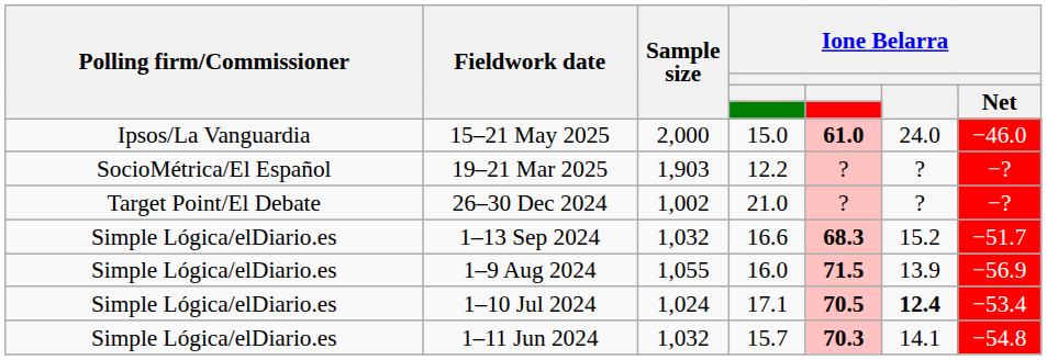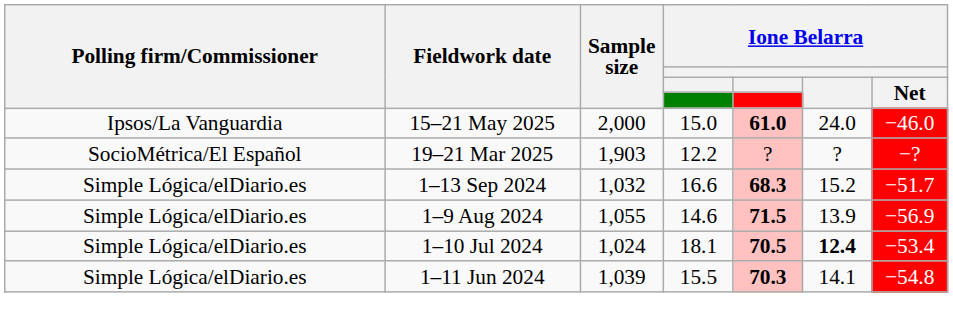 <table class="wikitable collapsible collapsed" style="text-align:center; font-size:90%; line-height:14px;">
 <tr style="height:42px;">
 <th style="width:250px;" rowspan="4">Polling firm/Commissioner</th>
 <th style="width:125px;" rowspan="4">Fieldwork date</th>
 <th style="width:50px;" rowspan="4">Sample size</th>
 <th style="width:185px;" colspan="4"><a href='#'>Ione Belarra</a><br></th>
 </tr>
 <tr>
 <th colspan="4" style="background:"></th>
 </tr>
 <tr>
 <th style="width:30px;"></th>
 <th style="width:30px;"></th>
 <th style="width:30px;" rowspan="2"></th>
 <th style="width:30px;" rowspan="2">Net</th>
 </tr>
 <tr>
 <th style="color:inherit;background:#008000;"></th>
 <th style="color:inherit;background:#FF0000;"></th>
 </tr>
 <tr>
 <td>Ipsos/La Vanguardia</td>
 <td>15–21 May 2025</td>
 <td>2,000</td>
 <td>15.0</td>
 <td style="background:#FFC2C1;"><strong>61.0</strong></td>
 <td>24.0</td>
 <td style="background:#FF0000; color:white;">−46.0</td>
 </tr>
 <tr>
 <td>SocioMétrica/El Español</td>
 <td>19–21 Mar 2025</td>
 <td>1,903</td>
 <td>12.2</td>
 <td style="background:#FFC2C1;">?</td>
 <td>?</td>
 <td style="background:#FF0000; color:white;">−?</td>
 </tr>
 <tr>
-<td>Target Point/El Debate</td>
-<td>26–30 Dec 2024</td>
-<td>1,002</td>
-<td>21.0</td>
-<td style="background:#FFC2C1;">?</td>
-<td>?</td>
-<td style="background:#FF0000; color:white;">−?</td>
-</tr>
-<tr>
 <td>Simple Lógica/elDiario.es</td>
 <td>1–13 Sep 2024</td>
 <td>1,032</td>
 <td>16.6</td>
 <td style="background:#FFC2C1;"><strong>68.3</strong></td>
 <td>15.2</td>
 <td style="background:#FF0000; color:white;">−51.7</td>
 </tr>
 <tr>
 <td>Simple Lógica/elDiario.es</td>
 <td>1–9 Aug 2024</td>
 <td>1,055</td>
-<td>16.0</td>
+<td>14.6</td>
 <td style="background:#FFC2C1;"><strong>71.5</strong></td>
 <td>13.9</td>
 <td style="background:#FF0000; color:white;">−56.9</td>
 </tr>
 <tr>
 <td>Simple Lógica/elDiario.es</td>
 <td>1–10 Jul 2024</td>
 <td>1,024</td>
-<td>17.1</td>
+<td>18.1</td>
 <td style="background:#FFC2C1;"><strong>70.5</strong></td>
 <td><strong>12.4</strong></td>
 <td style="background:#FF0000; color:white;">−53.4</td>
 </tr>
 <tr>
 <td>Simple Lógica/elDiario.es</td>
 <td>1–11 Jun 2024</td>
-<td>1,032</td>
-<td>15.7</td>
+<td>1,039</td>
+<td>15.5</td>
 <td style="background:#FFC2C1;"><strong>70.3</strong></td>
 <td>14.1</td>
 <td style="background:#FF0000; color:white;">−54.8</td>
 </tr>
 </table>
